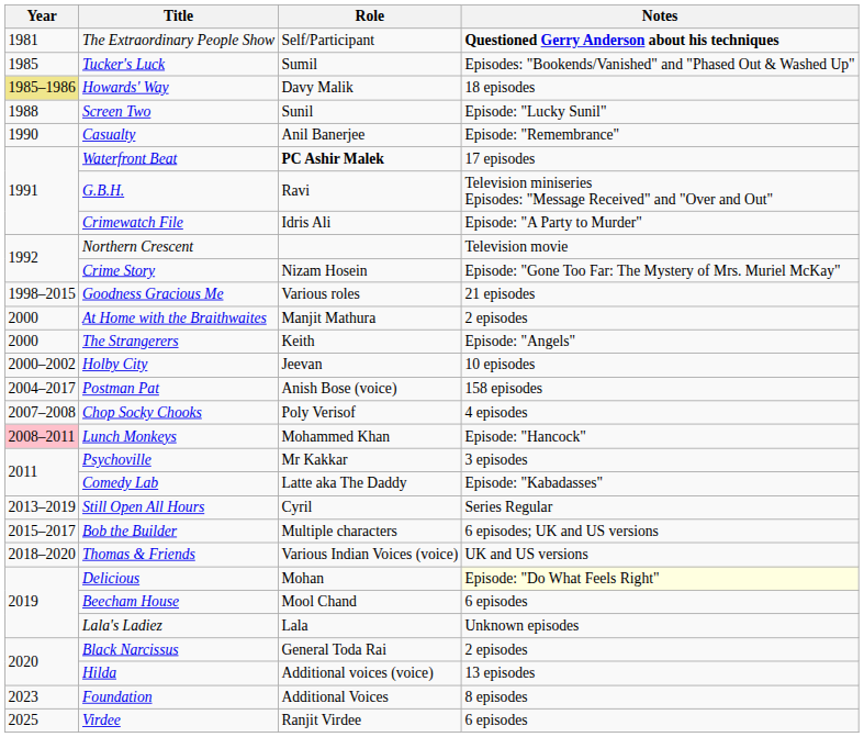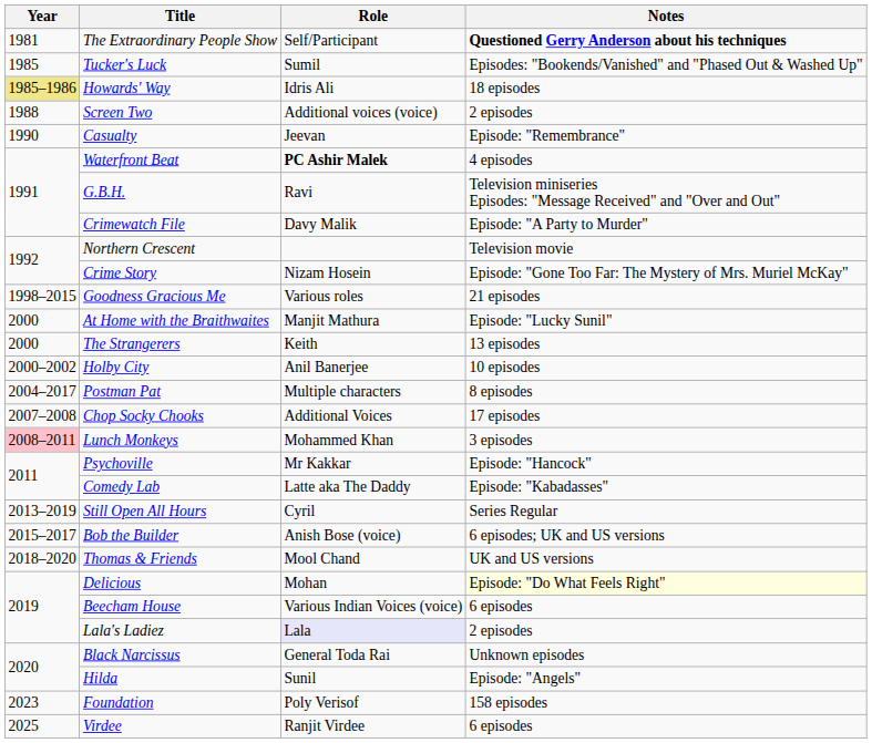 <table class="wikitable">
 <tr>
 <th>Year</th>
 <th>Title</th>
 <th>Role</th>
 <th>Notes</th>
 </tr>
 <tr>
 <td>1981</td>
 <td><em>The Extraordinary People Show</em></td>
 <td>Self/Participant</td>
 <td><strong>Questioned <a href='#'>Gerry Anderson</a> about his techniques</strong></td>
 </tr>
 <tr>
 <td>1985</td>
 <td><em><a href='#'>Tucker's Luck</a></em></td>
 <td>Sumil</td>
 <td>Episodes: "Bookends/Vanished" and "Phased Out & Washed Up"</td>
 </tr>
 <tr>
 <td style="background: khaki;">1985–1986</td>
 <td><em><a href='#'>Howards' Way</a></em></td>
-<td>Davy Malik</td>
+<td>Idris Ali</td>
 <td>18 episodes</td>
 </tr>
 <tr>
 <td>1988</td>
 <td><em><a href='#'>Screen Two</a></em></td>
-<td>Sunil</td>
-<td>Episode: "Lucky Sunil"</td>
+<td>Additional voices (voice)</td>
+<td>2 episodes</td>
 </tr>
 <tr>
 <td>1990</td>
 <td><em><a href='#'>Casualty</a></em></td>
-<td>Anil Banerjee</td>
+<td>Jeevan</td>
 <td>Episode: "Remembrance"</td>
 </tr>
 <tr>
 <td rowspan="3">1991</td>
 <td><em><a href='#'>Waterfront Beat</a></em></td>
 <td><strong>PC Ashir Malek</strong></td>
-<td>17 episodes</td>
+<td>4 episodes</td>
 </tr>
 <tr>
 <td><em><a href='#'>G.B.H.</a></em></td>
 <td>Ravi</td>
 <td>Television miniseries<br>Episodes: "Message Received" and "Over and Out"</td>
 </tr>
 <tr>
 <td><em><a href='#'>Crimewatch File</a></em></td>
-<td>Idris Ali</td>
+<td>Davy Malik</td>
 <td>Episode: "A Party to Murder"</td>
 </tr>
 <tr>
 <td rowspan="2">1992</td>
 <td><em>Northern Crescent</em></td>
 <td></td>
 <td>Television movie</td>
 </tr>
 <tr>
 <td><em><a href='#'>Crime Story</a></em></td>
 <td>Nizam Hosein</td>
 <td>Episode: "Gone Too Far: The Mystery of Mrs. Muriel McKay"</td>
 </tr>
 <tr>
 <td>1998–2015</td>
 <td><em><a href='#'>Goodness Gracious Me</a></em></td>
 <td>Various roles</td>
 <td>21 episodes</td>
 </tr>
 <tr>
 <td>2000</td>
 <td><em><a href='#'>At Home with the Braithwaites</a></em></td>
 <td>Manjit Mathura</td>
-<td>2 episodes</td>
+<td>Episode: "Lucky Sunil"</td>
 </tr>
 <tr>
 <td>2000</td>
 <td><em><a href='#'>The Strangerers</a></em></td>
 <td>Keith</td>
-<td>Episode: "Angels"</td>
+<td>13 episodes</td>
 </tr>
 <tr>
 <td>2000–2002</td>
 <td><em><a href='#'>Holby City</a></em></td>
-<td>Jeevan</td>
+<td>Anil Banerjee</td>
 <td>10 episodes</td>
 </tr>
 <tr>
 <td>2004–2017</td>
 <td><em><a href='#'>Postman Pat</a></em></td>
-<td>Anish Bose (voice)</td>
-<td>158 episodes</td>
+<td>Multiple characters</td>
+<td>8 episodes</td>
 </tr>
 <tr>
 <td>2007–2008</td>
 <td><em><a href='#'>Chop Socky Chooks</a></em></td>
-<td>Poly Verisof</td>
-<td>4 episodes</td>
+<td>Additional Voices</td>
+<td>17 episodes</td>
 </tr>
 <tr>
 <td style="background: pink;">2008–2011</td>
 <td><em><a href='#'>Lunch Monkeys</a></em></td>
 <td>Mohammed Khan</td>
-<td>Episode: "Hancock"</td>
+<td>3 episodes</td>
 </tr>
 <tr>
 <td rowspan="2">2011</td>
 <td><em><a href='#'>Psychoville</a></em></td>
 <td>Mr Kakkar</td>
-<td>3 episodes</td>
+<td>Episode: "Hancock"</td>
 </tr>
 <tr>
 <td><em><a href='#'>Comedy Lab</a></em></td>
 <td>Latte aka The Daddy</td>
 <td>Episode: "Kabadasses"</td>
 </tr>
 <tr>
 <td>2013–2019</td>
 <td><em><a href='#'>Still Open All Hours</a></em></td>
 <td>Cyril</td>
 <td>Series Regular</td>
 </tr>
 <tr>
 <td>2015–2017</td>
 <td><em><a href='#'>Bob the Builder</a></em></td>
-<td>Multiple characters</td>
+<td>Anish Bose (voice)</td>
 <td>6 episodes; UK and US versions</td>
 </tr>
 <tr>
 <td>2018–2020</td>
 <td><em><a href='#'>Thomas & Friends</a></em></td>
-<td>Various Indian Voices (voice)</td>
+<td>Mool Chand</td>
 <td>UK and US versions</td>
 </tr>
 <tr>
 <td rowspan="3">2019</td>
 <td><em><a href='#'>Delicious</a></em></td>
 <td>Mohan</td>
 <td style="background: lightyellow;">Episode: "Do What Feels Right"</td>
 </tr>
 <tr>
 <td><em><a href='#'>Beecham House</a></em></td>
-<td>Mool Chand</td>
+<td>Various Indian Voices (voice)</td>
 <td>6 episodes</td>
 </tr>
 <tr>
 <td><em>Lala's Ladiez</em></td>
-<td>Lala</td>
-<td>Unknown episodes</td>
+<td style="background: lavender;">Lala</td>
+<td>2 episodes</td>
 </tr>
 <tr>
 <td rowspan="2">2020</td>
 <td><em><a href='#'>Black Narcissus</a></em></td>
 <td>General Toda Rai</td>
-<td>2 episodes</td>
+<td>Unknown episodes</td>
 </tr>
 <tr>
 <td><em><a href='#'>Hilda</a></em></td>
-<td>Additional voices (voice)</td>
-<td>13 episodes</td>
+<td>Sunil</td>
+<td>Episode: "Angels"</td>
 </tr>
 <tr>
 <td>2023</td>
 <td><em><a href='#'>Foundation</a></em></td>
-<td>Additional Voices</td>
-<td>8 episodes</td>
+<td>Poly Verisof</td>
+<td>158 episodes</td>
 </tr>
 <tr>
 <td>2025</td>
 <td><em><a href='#'>Virdee</a></em></td>
 <td>Ranjit Virdee</td>
 <td>6 episodes</td>
 </tr>
 </table>
